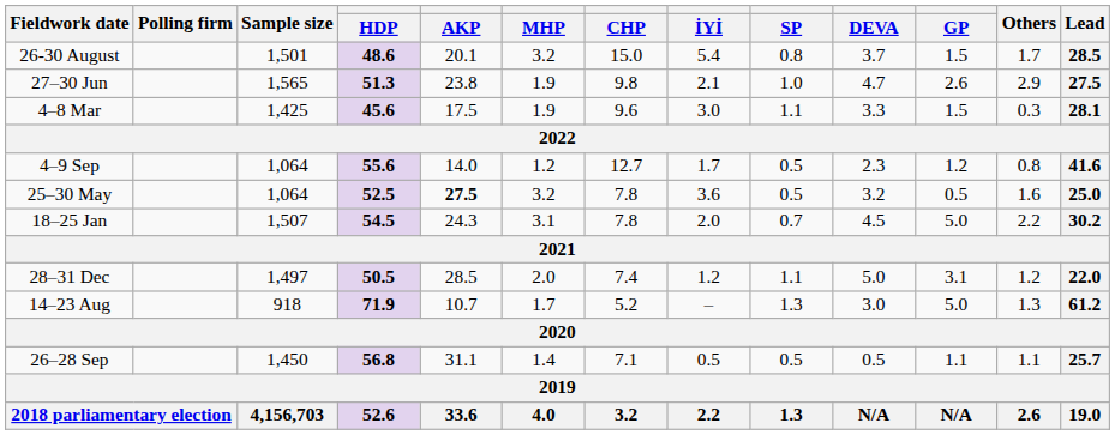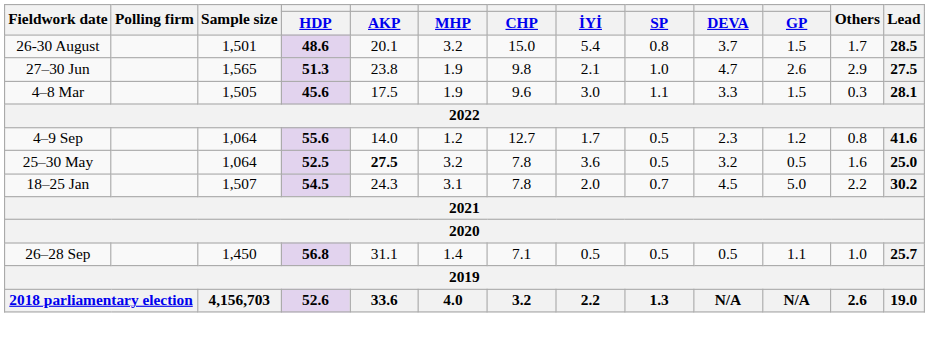 <table class="wikitable mw-datatable mw-collapsible" style="text-align:center; font-size:85%; line-height:14px;">
 <tr>
 <th rowspan="2">Fieldwork date</th>
 <th rowspan="2">Polling firm</th>
 <th rowspan="2">Sample size</th>
 <th style="background:"></th>
 <th style="background:"></th>
 <th style="background:"></th>
 <th style="background:"></th>
 <th style="background:"></th>
 <th style="background:"></th>
 <th style="background:"></th>
 <th style="background:"></th>
 <th rowspan="2">Others</th>
 <th rowspan="2">Lead</th>
 </tr>
 <tr>
 <th style="width:4em;"><a href='#'>HDP</a></th>
 <th style="width:4em;"><a href='#'>AKP</a></th>
 <th style="width:4em;"><a href='#'>MHP</a></th>
 <th style="width:4em;"><a href='#'>CHP</a></th>
 <th style="width:4em;"><a href='#'>İYİ</a></th>
 <th style="width:4em;"><a href='#'>SP</a></th>
 <th style="width:4em;"><a href='#'>DEVA</a></th>
 <th style="width:4em;"><a href='#'>GP</a></th>
 </tr>
 <tr>
 <td>26-30 August</td>
 <td></td>
 <td>1,501</td>
 <td style="background:#E2D3EE"><strong>48.6</strong></td>
 <td>20.1</td>
 <td>3.2</td>
 <td>15.0</td>
 <td>5.4</td>
 <td>0.8</td>
 <td>3.7</td>
 <td>1.5</td>
 <td>1.7</td>
 <th style="background:">28.5</th>
 </tr>
 <tr>
 <td>27–30 Jun</td>
 <td></td>
 <td>1,565</td>
 <td style="background:#E2D3EE"><strong>51.3</strong></td>
 <td>23.8</td>
 <td>1.9</td>
 <td>9.8</td>
 <td>2.1</td>
 <td>1.0</td>
 <td>4.7</td>
 <td>2.6</td>
 <td>2.9</td>
 <th style="background:">27.5</th>
 </tr>
 <tr>
 <td>4–8 Mar</td>
 <td></td>
-<td>1,425</td>
+<td>1,505</td>
 <td style="background:#E2D3EE"><strong>45.6</strong></td>
 <td>17.5</td>
 <td>1.9</td>
 <td>9.6</td>
 <td>3.0</td>
 <td>1.1</td>
 <td>3.3</td>
 <td>1.5</td>
 <td>0.3</td>
 <th style="background:">28.1</th>
 </tr>
 <tr>
 <th colspan="13">2022</th>
 </tr>
 <tr>
 <td>4–9 Sep</td>
 <td></td>
 <td>1,064</td>
 <td style="background:#E2D3EE"><strong>55.6</strong></td>
 <td>14.0</td>
 <td>1.2</td>
 <td>12.7</td>
 <td>1.7</td>
 <td>0.5</td>
 <td>2.3</td>
 <td>1.2</td>
 <td>0.8</td>
 <th style="background:">41.6</th>
 </tr>
 <tr>
 <td>25–30 May</td>
 <td></td>
 <td>1,064</td>
 <td style="background:#E2D3EE"><strong>52.5</strong></td>
 <td><strong>27.5</strong></td>
 <td>3.2</td>
 <td>7.8</td>
 <td>3.6</td>
 <td>0.5</td>
 <td>3.2</td>
 <td>0.5</td>
 <td>1.6</td>
 <th style="background:">25.0</th>
 </tr>
 <tr>
 <td>18–25 Jan</td>
 <td></td>
 <td>1,507</td>
 <td style="background:#E2D3EE"><strong>54.5</strong></td>
 <td>24.3</td>
 <td>3.1</td>
 <td>7.8</td>
 <td>2.0</td>
 <td>0.7</td>
 <td>4.5</td>
 <td>5.0</td>
 <td>2.2</td>
 <th style="background:">30.2</th>
 </tr>
 <tr>
 <th colspan="13">2021</th>
 </tr>
 <tr>
-<td>28–31 Dec</td>
-<td></td>
-<td>1,497</td>
-<td style="background:#E2D3EE"><strong>50.5</strong></td>
-<td>28.5</td>
-<td>2.0</td>
-<td>7.4</td>
-<td>1.2</td>
-<td>1.1</td>
-<td>5.0</td>
-<td>3.1</td>
-<td>1.2</td>
-<th style="background:"><strong>22.0</strong></th>
-</tr>
-<tr>
-<td>14–23 Aug</td>
-<td></td>
-<td>918</td>
-<td style="background:#E2D3EE"><strong>71.9</strong></td>
-<td>10.7</td>
-<td>1.7</td>
-<td>5.2</td>
-<td>–</td>
-<td>1.3</td>
-<td>3.0</td>
-<td>5.0</td>
-<td>1.3</td>
-<th style="background:">61.2</th>
-</tr>
-<tr>
 <th colspan="13">2020</th>
 </tr>
 <tr>
 <td>26–28 Sep</td>
 <td></td>
 <td>1,450</td>
 <td style="background:#E2D3EE"><strong>56.8</strong></td>
 <td>31.1</td>
 <td>1.4</td>
 <td>7.1</td>
 <td>0.5</td>
 <td>0.5</td>
 <td>0.5</td>
 <td>1.1</td>
-<td>1.1</td>
+<td>1.0</td>
 <th style="background:">25.7</th>
 </tr>
 <tr>
 <th colspan="13">2019</th>
 </tr>
 <tr>
 <th colspan="2" data-sort-value="2018-06-24"><a href='#'>2018 parliamentary election</a></th>
 <th>4,156,703</th>
 <th style="background:#E2D3EE">52.6</th>
 <th>33.6</th>
 <th>4.0</th>
 <th>3.2</th>
 <th>2.2</th>
 <th>1.3</th>
 <th>N/A</th>
 <th>N/A</th>
 <th>2.6</th>
 <th style="background:">19.0</th>
 </tr>
 </table>
